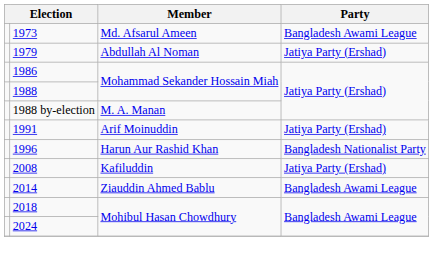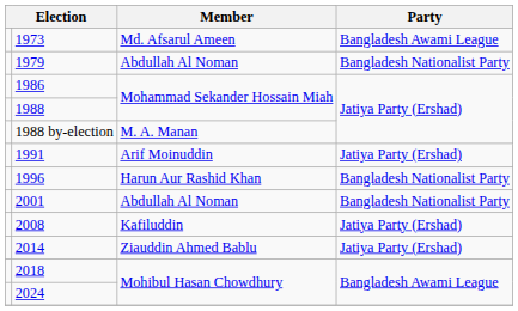 <table class="wikitable">
 <tr>
 <th colspan="2">Election</th>
 <th>Member</th>
 <th>Party</th>
 </tr>
 <tr>
 <td style="background-color:"></td>
 <td><a href='#'>1973</a></td>
 <td><a href='#'>Md. Afsarul Ameen</a></td>
 <td><a href='#'>Bangladesh Awami League</a></td>
 </tr>
 <tr>
 <td style="background-color:"></td>
 <td><a href='#'>1979</a></td>
 <td><a href='#'>Abdullah Al Noman</a></td>
-<td><a href='#'>Jatiya Party (Ershad)</a></td>
+<td><a href='#'>Bangladesh Nationalist Party</a></td>
 </tr>
 <tr>
 <td style="background-color:"></td>
 <td><a href='#'>1986</a></td>
 <td rowspan="2"><a href='#'>Mohammad Sekander Hossain Miah</a></td>
 <td rowspan="3"><a href='#'>Jatiya Party (Ershad)</a></td>
 </tr>
 <tr>
 <td style="background-color:"></td>
 <td><a href='#'>1988</a></td>
 </tr>
 <tr>
 <td style="background-color:"></td>
 <td>1988 by-election</td>
 <td><a href='#'>M. A. Manan</a></td>
 </tr>
 <tr>
 <td style="background-color:"></td>
 <td><a href='#'>1991</a></td>
 <td><a href='#'>Arif Moinuddin</a></td>
 <td><a href='#'>Jatiya Party (Ershad)</a></td>
 </tr>
 <tr>
 <td style="background-color:"></td>
 <td><a href='#'>1996</a></td>
 <td><a href='#'>Harun Aur Rashid Khan</a></td>
 <td><a href='#'>Bangladesh Nationalist Party</a></td>
 </tr>
 <tr>
 <td style="background-color:"></td>
+<td><a href='#'>2001</a></td>
+<td><a href='#'>Abdullah Al Noman</a></td>
+<td><a href='#'>Bangladesh Nationalist Party</a></td>
+</tr>
+<tr>
+<td style="background-color:"></td>
 <td><a href='#'>2008</a></td>
 <td><a href='#'>Kafiluddin</a></td>
 <td><a href='#'>Jatiya Party (Ershad)</a></td>
 </tr>
 <tr>
 <td style="background-color:"></td>
 <td><a href='#'>2014</a></td>
 <td><a href='#'>Ziauddin Ahmed Bablu</a></td>
-<td><a href='#'>Bangladesh Awami League</a></td>
+<td><a href='#'>Jatiya Party (Ershad)</a></td>
 </tr>
 <tr>
 <td style="background-color:"></td>
 <td><a href='#'>2018</a></td>
 <td rowspan="2"><a href='#'>Mohibul Hasan Chowdhury</a></td>
 <td rowspan="2"><a href='#'>Bangladesh Awami League</a></td>
 </tr>
 <tr>
 <td style="background-color:"></td>
 <td><a href='#'>2024</a></td>
 </tr>
 <tr>
 </tr>
 </table>
